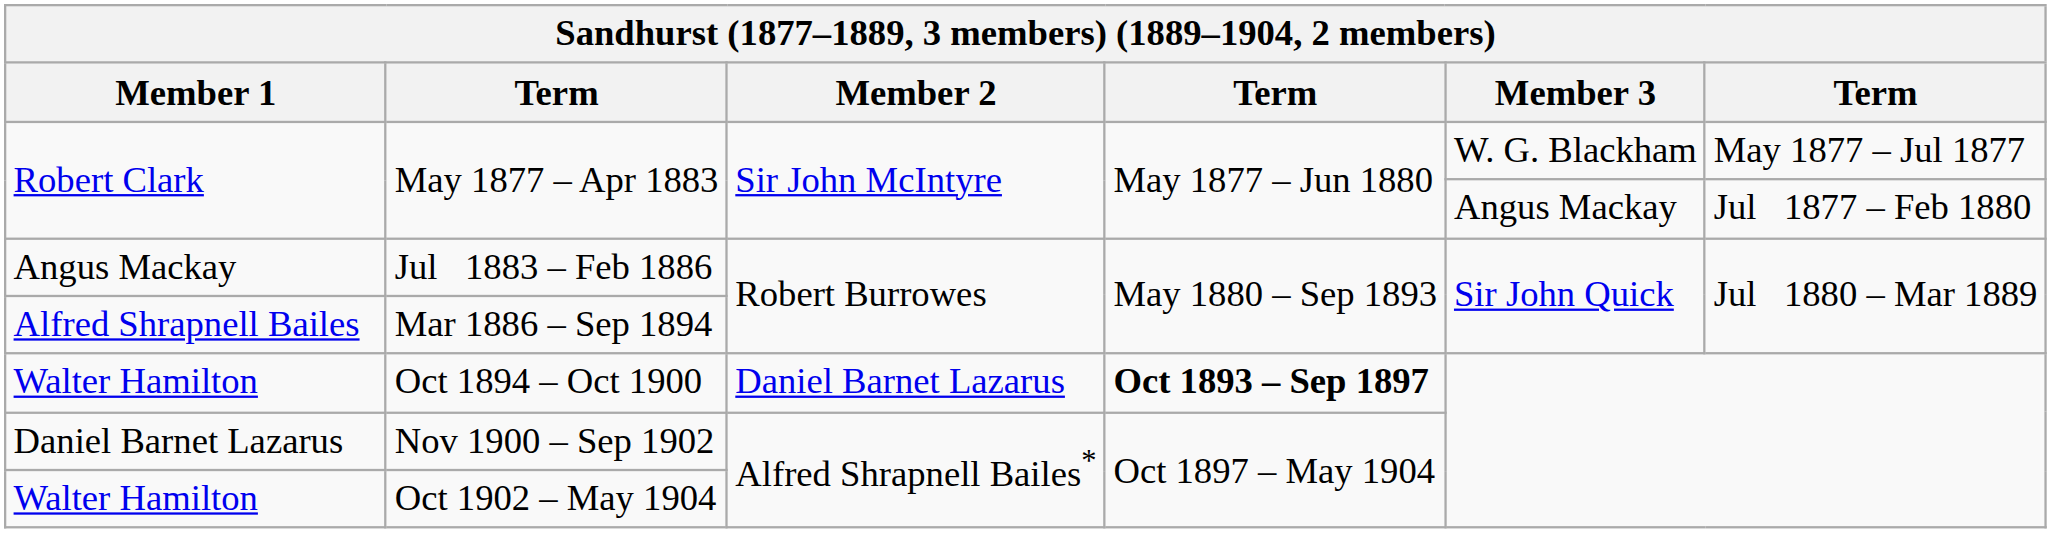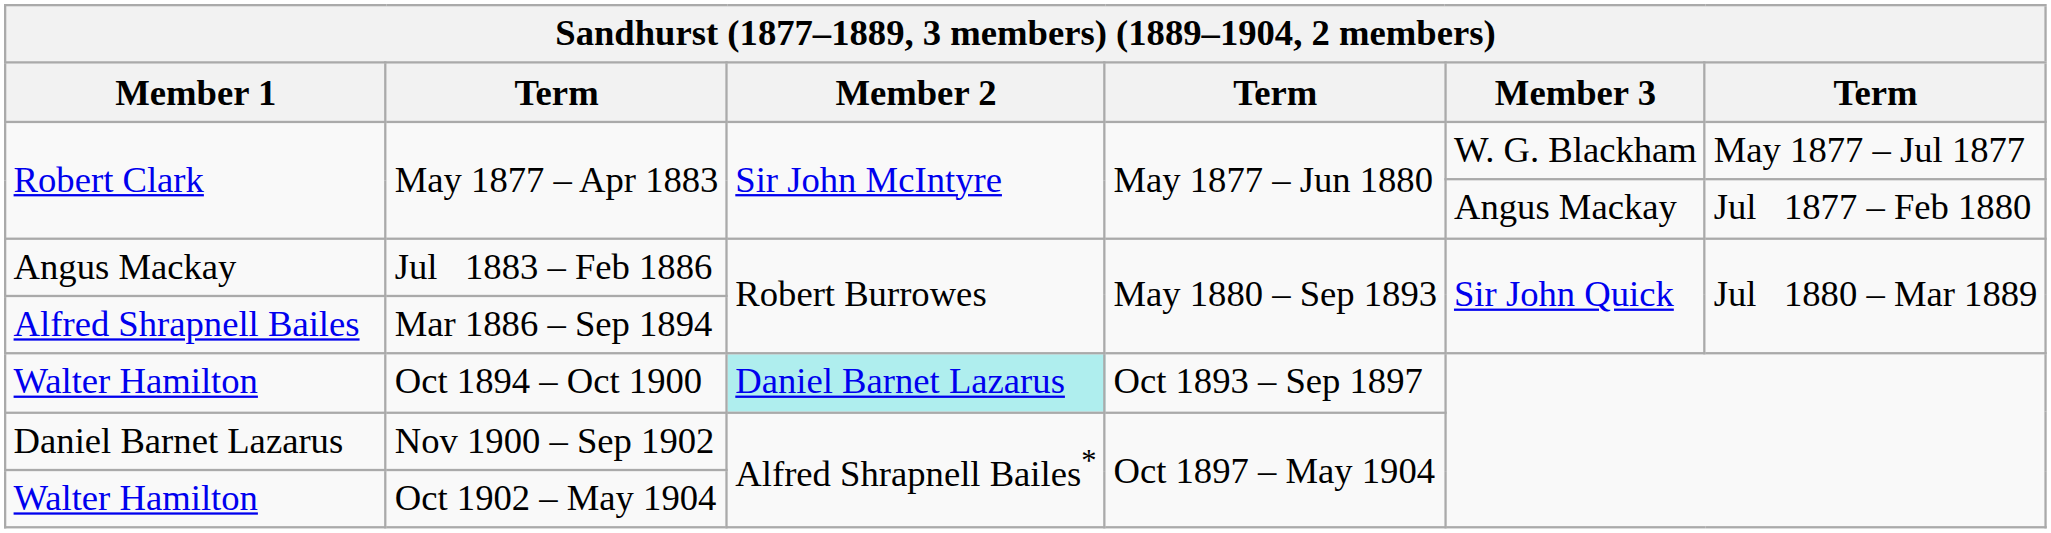 <table class="wikitable">
 <tr>
 <th colspan=6 style="border-right:0px;";>Sandhurst  (1877–1889, 3 members) (1889–1904, 2 members)</th>
 </tr>
 <tr>
 <th>Member 1</th>
 <th>Term</th>
 <th>Member 2</th>
 <th>Term</th>
 <th>Member 3</th>
 <th>Term</th>
 </tr>
 <tr>
 <td rowspan = "2"><a href='#'>Robert Clark</a></td>
 <td rowspan = "2">May 1877 – Apr 1883</td>
 <td rowspan = "2"><a href='#'>Sir John McIntyre</a></td>
 <td rowspan = "2">May 1877 – Jun 1880</td>
 <td>W. G. Blackham</td>
 <td>May 1877 – Jul 1877</td>
 </tr>
 <tr>
 <td>Angus Mackay</td>
 <td>Jul   1877 – Feb 1880</td>
 </tr>
 <tr>
 <td>Angus Mackay</td>
 <td>Jul   1883 – Feb 1886</td>
 <td rowspan = "2">Robert Burrowes</td>
 <td rowspan = "2">May 1880 – Sep 1893</td>
 <td rowspan = "2"><a href='#'>Sir John Quick</a></td>
 <td rowspan = "2">Jul   1880 – Mar 1889</td>
 </tr>
 <tr>
 <td><a href='#'>Alfred Shrapnell Bailes</a>  </td>
 <td>Mar 1886 – Sep 1894</td>
 </tr>
 <tr>
 <td rowspan = "1"><a href='#'>Walter Hamilton</a></td>
 <td rowspan = "1">Oct 1894 – Oct  1900</td>
-<td><a href='#'>Daniel Barnet Lazarus</a></td>
-<td><strong>Oct 1893 – Sep 1897</strong></td>
+<td style="background: paleturquoise;"><a href='#'>Daniel Barnet Lazarus</a></td>
+<td>Oct 1893 – Sep 1897</td>
 </tr>
 <tr>
 <td>Daniel Barnet Lazarus</td>
 <td>Nov 1900 – Sep 1902</td>
 <td rowspan = "2">Alfred Shrapnell Bailes<sup>*</sup></td>
 <td rowspan = "2">Oct 1897 – May 1904</td>
 </tr>
 <tr>
 <td rowspan = "1"><a href='#'>Walter Hamilton</a></td>
 <td rowspan = "1">Oct 1902 – May 1904</td>
 </tr>
 </table>
